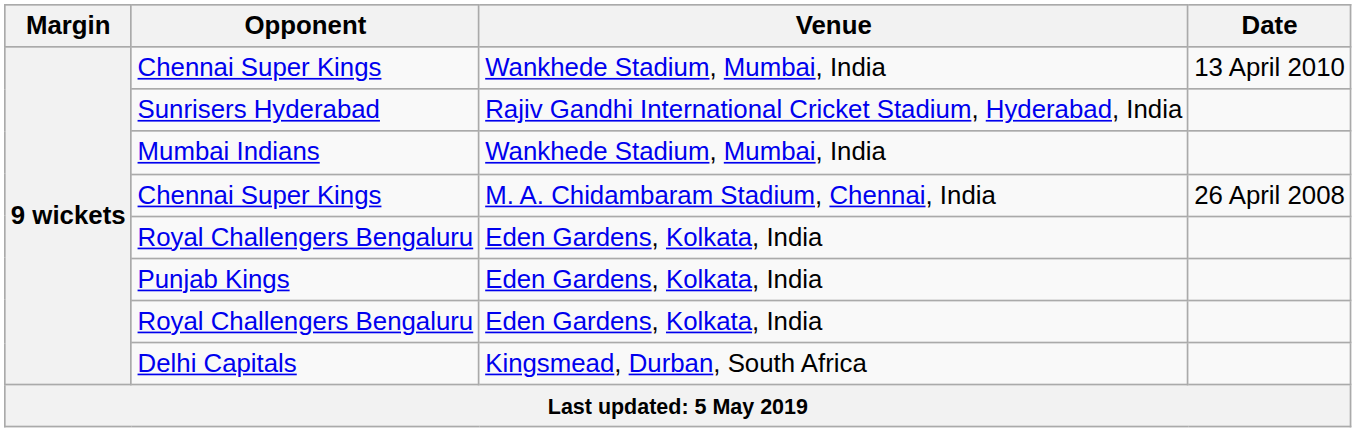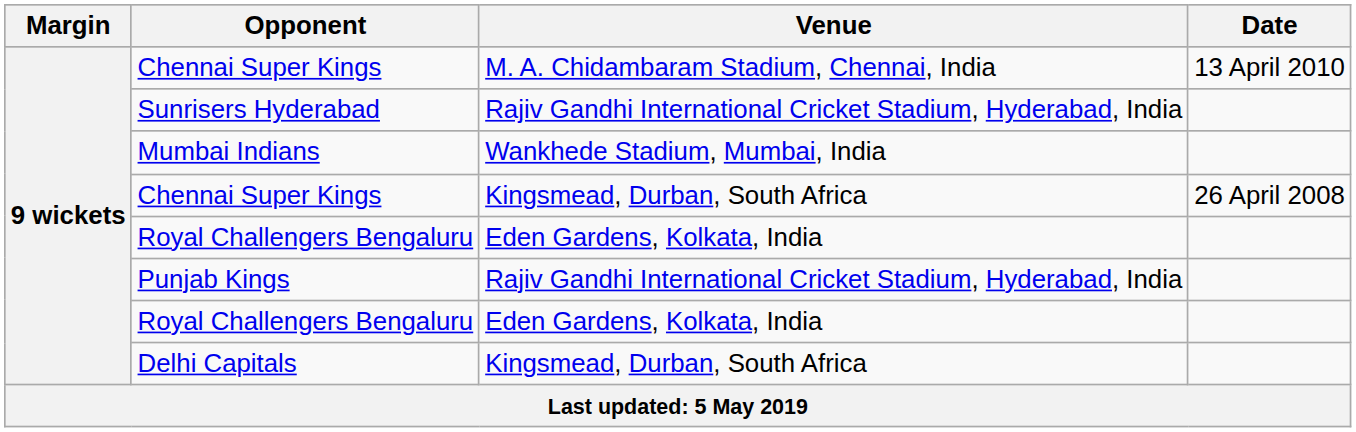 <table class="wikitable sortable" style="text-align:left;font-size:96%;">
 <tr>
 <th>Margin</th>
 <th>Opponent</th>
 <th>Venue</th>
 <th>Date</th>
 </tr>
 <tr>
 <th rowspan=8>9 wickets</th>
 <td><a href='#'>Chennai Super Kings</a></td>
-<td><a href='#'>Wankhede Stadium</a>, <a href='#'>Mumbai</a>, India</td>
+<td><a href='#'>M. A. Chidambaram Stadium</a>, <a href='#'>Chennai</a>, India</td>
 <td>13 April 2010</td>
 </tr>
 <tr>
 <td><a href='#'>Sunrisers Hyderabad</a></td>
 <td><a href='#'>Rajiv Gandhi International Cricket Stadium</a>, <a href='#'>Hyderabad</a>, India</td>
 <td></td>
 </tr>
 <tr>
 <td><a href='#'>Mumbai Indians</a></td>
 <td><a href='#'>Wankhede Stadium</a>, <a href='#'>Mumbai</a>, India</td>
 <td></td>
 </tr>
 <tr>
 <td><a href='#'>Chennai Super Kings</a></td>
-<td><a href='#'>M. A. Chidambaram Stadium</a>, <a href='#'>Chennai</a>, India</td>
+<td><a href='#'>Kingsmead</a>, <a href='#'>Durban</a>, South Africa</td>
 <td>26 April 2008</td>
 </tr>
 <tr>
 <td><a href='#'>Royal Challengers Bengaluru</a></td>
 <td><a href='#'>Eden Gardens</a>, <a href='#'>Kolkata</a>, India</td>
 <td></td>
 </tr>
 <tr>
 <td><a href='#'>Punjab Kings</a></td>
-<td><a href='#'>Eden Gardens</a>, <a href='#'>Kolkata</a>, India</td>
+<td><a href='#'>Rajiv Gandhi International Cricket Stadium</a>, <a href='#'>Hyderabad</a>, India</td>
 <td></td>
 </tr>
 <tr>
 <td><a href='#'>Royal Challengers Bengaluru</a></td>
 <td><a href='#'>Eden Gardens</a>, <a href='#'>Kolkata</a>, India</td>
 <td></td>
 </tr>
 <tr>
 <td><a href='#'>Delhi Capitals</a></td>
 <td><a href='#'>Kingsmead</a>, <a href='#'>Durban</a>, South Africa</td>
 <td></td>
 </tr>
 <tr class="sortbottom">
 <th colspan="4"><small>Last updated: 5 May 2019</small></th>
 </tr>
 </table>
